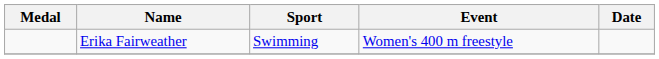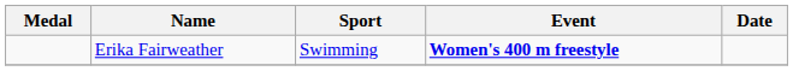 <table class="wikitable sortable" style="font-size:90%; width:50%;">
 <tr>
 <th>Medal</th>
 <th>Name</th>
 <th>Sport</th>
 <th>Event</th>
 <th>Date</th>
 </tr>
 <tr>
 <td></td>
 <td><a href='#'>Erika Fairweather </a></td>
 <td><a href='#'>Swimming</a></td>
-<td><a href='#'>Women's 400 m freestyle</a></td>
+<td><strong><a href='#'>Women's 400 m freestyle</a></strong></td>
 <td></td>
 </tr>
 <tr>
 </tr>
 </table>
